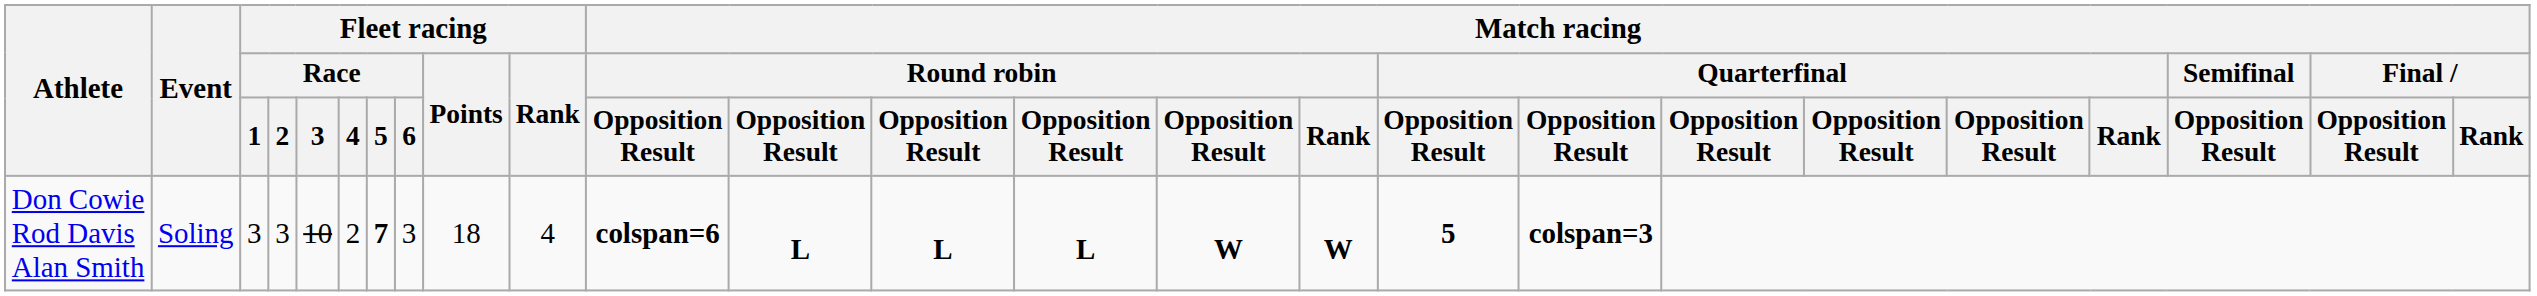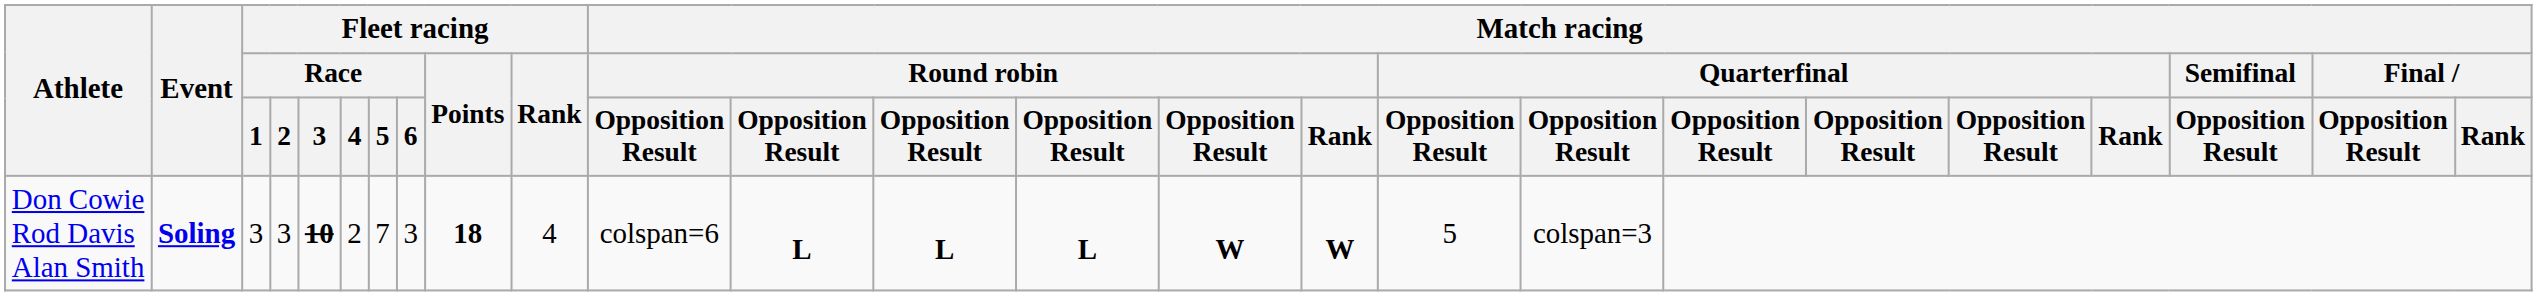 <table class=wikitable style=font-size:90%;text-align:center>
 <tr>
 <th rowspan=3>Athlete</th>
 <th rowspan=3>Event</th>
 <th colspan=8>Fleet racing</th>
 <th colspan=15>Match racing</th>
 </tr>
 <tr style=font-size:95%>
 <th colspan=6>Race</th>
 <th rowspan=2>Points</th>
 <th rowspan=2>Rank</th>
 <th colspan=6>Round robin</th>
 <th colspan=6>Quarterfinal</th>
 <th>Semifinal</th>
 <th colspan=2>Final / </th>
 </tr>
 <tr style=font-size:95%>
 <th>1</th>
 <th>2</th>
 <th>3</th>
 <th>4</th>
 <th>5</th>
 <th>6</th>
 <th>Opposition<br>Result</th>
 <th>Opposition<br>Result</th>
 <th>Opposition<br>Result</th>
 <th>Opposition<br>Result</th>
 <th>Opposition<br>Result</th>
 <th>Rank</th>
 <th>Opposition<br>Result</th>
 <th>Opposition<br>Result</th>
 <th>Opposition<br>Result</th>
 <th>Opposition<br>Result</th>
 <th>Opposition<br>Result</th>
 <th>Rank</th>
 <th>Opposition<br>Result</th>
 <th>Opposition<br>Result</th>
 <th>Rank</th>
 </tr>
 <tr>
 <td align=left><a href='#'>Don Cowie</a><br><a href='#'>Rod Davis</a><br><a href='#'>Alan Smith</a></td>
-<td align=left><a href='#'>Soling</a></td>
+<td align=left><strong><a href='#'>Soling</a></strong></td>
 <td>3</td>
 <td>3</td>
-<td><s>10</s></td>
+<td><strong><s>10</s></strong></td>
 <td>2</td>
-<td><strong>7</strong></td>
+<td>7</td>
 <td>3</td>
-<td>18</td>
+<td><strong>18</strong></td>
 <td>4 <strong></strong></td>
-<td><strong>colspan=6 </strong></td>
+<td>colspan=6 </td>
 <td><br><strong>L</strong></td>
 <td><br><strong>L</strong></td>
 <td><br><strong>L</strong></td>
 <td><br><strong>W</strong></td>
 <td><br><strong>W</strong></td>
-<td><strong>5</strong></td>
-<td><strong>colspan=3 </strong></td>
+<td>5</td>
+<td>colspan=3 </td>
 </tr>
 </table>
